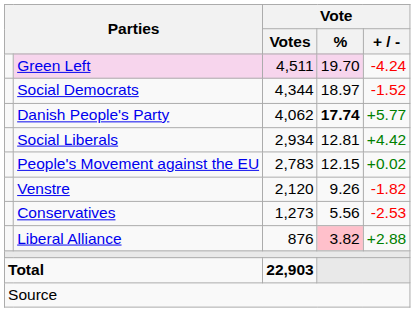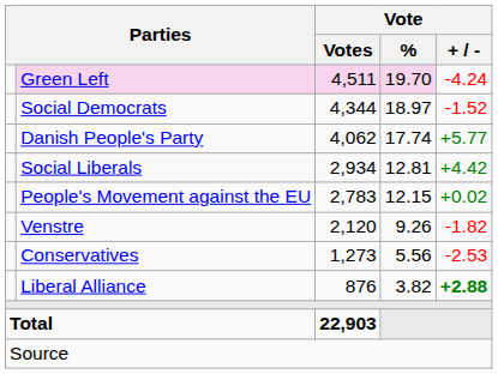 <table class="wikitable" style="text-align:right;">
 <tr>
 <th style="text-align:centre;" rowspan="2" colspan="2" width="225">Parties</th>
 <th colspan="3">Vote</th>
 </tr>
 <tr>
 <th width="15">Votes</th>
 <th width="15">%</th>
 <th width="15">+ / -</th>
 </tr>
 <tr>
 <td width="2" style="color:inherit;background:"></td>
 <td bgcolor=#f7d5ed   align="left"><a href='#'>Green Left</a></td>
 <td bgcolor=#f7d5ed>4,511</td>
 <td bgcolor=#f7d5ed>19.70</td>
 <td style=color:red;>-4.24</td>
 </tr>
 <tr>
 <td width="2" style="color:inherit;background:"></td>
 <td align="left"><a href='#'>Social Democrats</a></td>
 <td>4,344</td>
 <td>18.97</td>
 <td style=color:red;>-1.52</td>
 </tr>
 <tr>
 <td width="2" style="color:inherit;background:"></td>
 <td align="left"><a href='#'>Danish People's Party</a></td>
 <td>4,062</td>
-<td><strong>17.74</strong></td>
+<td>17.74</td>
 <td style=color:green;>+5.77</td>
 </tr>
 <tr>
 <td width="2" style="color:inherit;background:"></td>
 <td align="left"><a href='#'>Social Liberals</a></td>
 <td>2,934</td>
 <td>12.81</td>
 <td style=color:green;>+4.42</td>
 </tr>
 <tr>
 <td width="2" style="color:inherit;background:"></td>
 <td align="left"><a href='#'>People's Movement against the EU</a></td>
 <td>2,783</td>
 <td>12.15</td>
 <td style=color:green;>+0.02</td>
 </tr>
 <tr>
 <td width="2" style="color:inherit;background:"></td>
 <td align="left"><a href='#'>Venstre</a></td>
 <td>2,120</td>
 <td>9.26</td>
 <td style=color:red;>-1.82</td>
 </tr>
 <tr>
 <td width="2" style="color:inherit;background:"></td>
 <td align="left"><a href='#'>Conservatives</a></td>
 <td>1,273</td>
 <td>5.56</td>
 <td style=color:red;>-2.53</td>
 </tr>
 <tr>
 <td width="2" style="color:inherit;background:"></td>
 <td align="left"><a href='#'>Liberal Alliance</a></td>
 <td>876</td>
-<td style="background: pink;">3.82</td>
-<td style=color:green;>+2.88</td>
+<td>3.82</td>
+<td style=color:green;><strong>+2.88</strong></td>
 </tr>
 <tr>
 <td colspan="7" bgcolor="#E9E9E9"></td>
 </tr>
 <tr>
 <td align="left" colspan="2"><strong>Total</strong></td>
 <td><strong>22,903</strong></td>
 <td bgcolor="#E9E9E9" colspan="2"></td>
 </tr>
 <tr>
 <td align="left" colspan="6">Source</td>
 </tr>
 </table>
